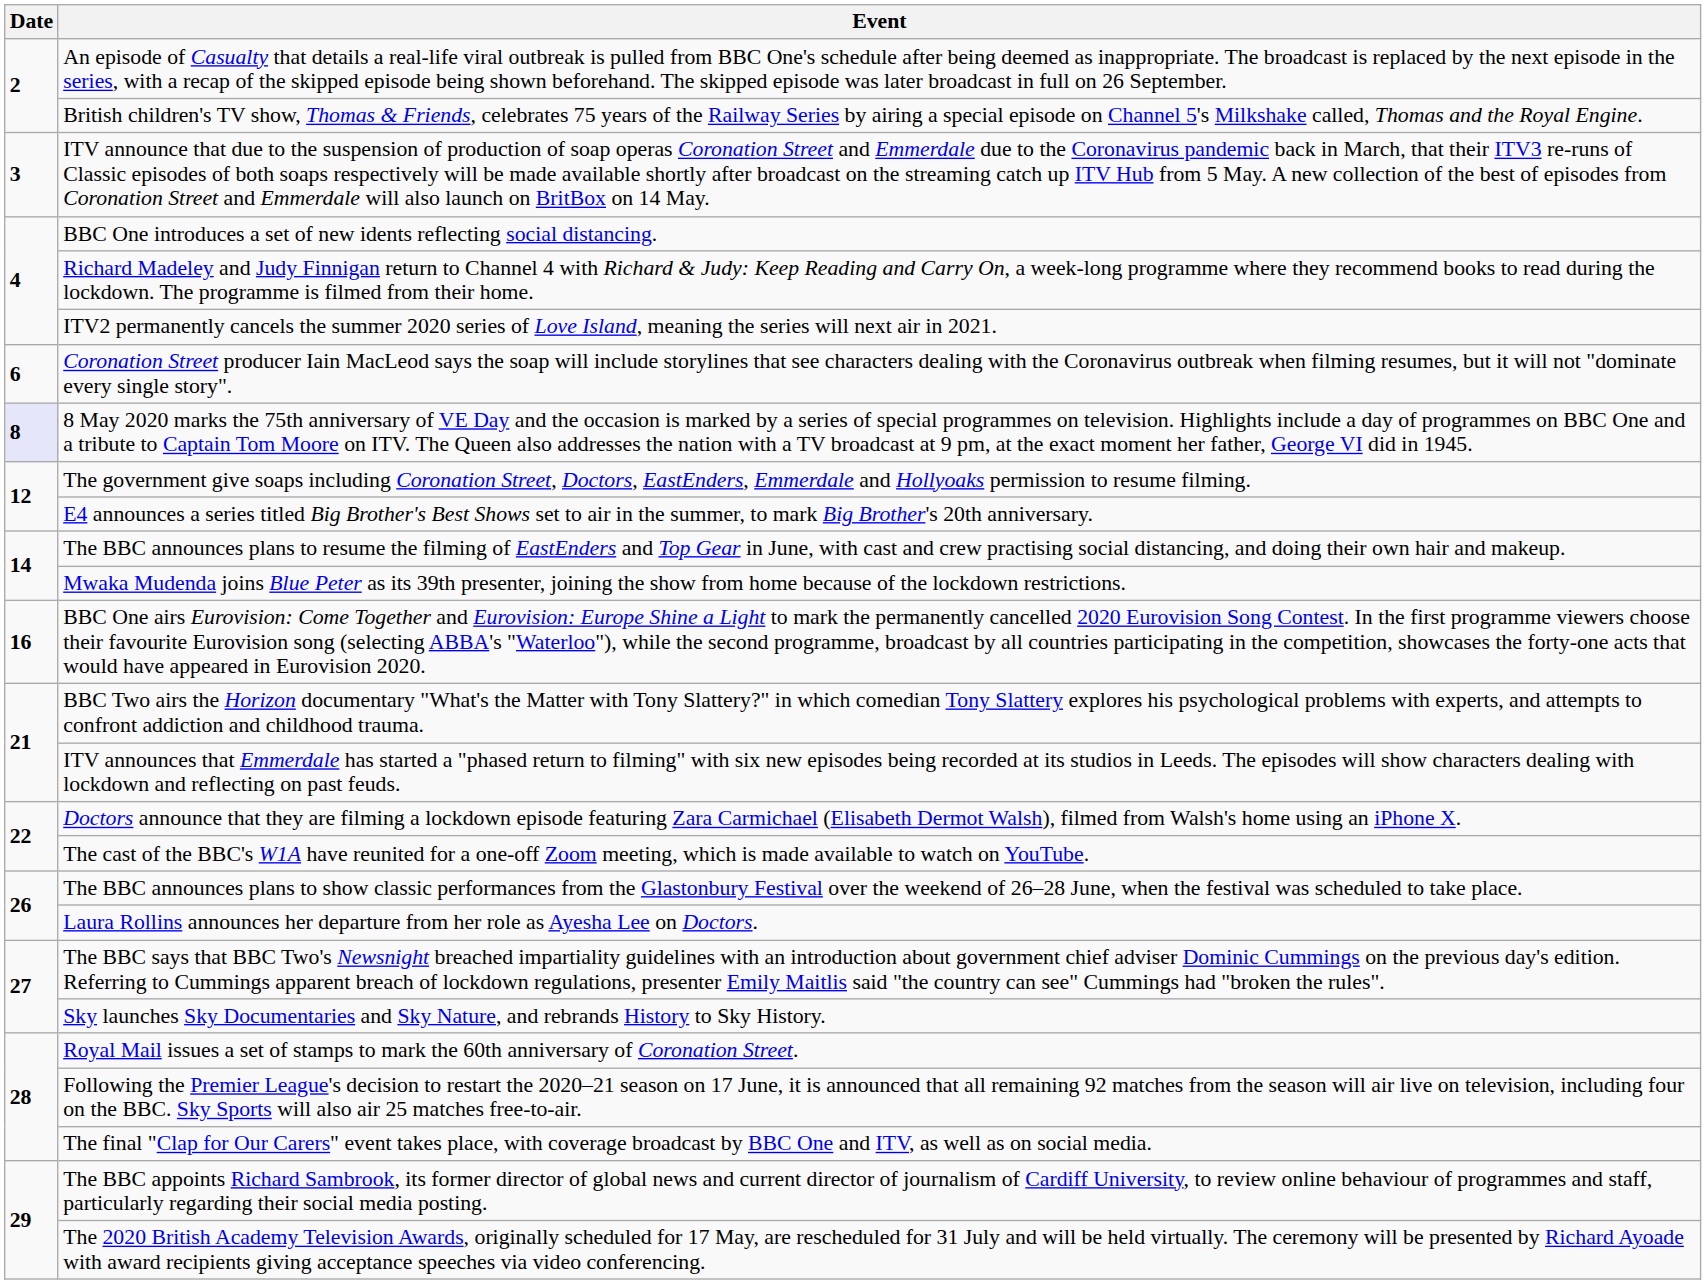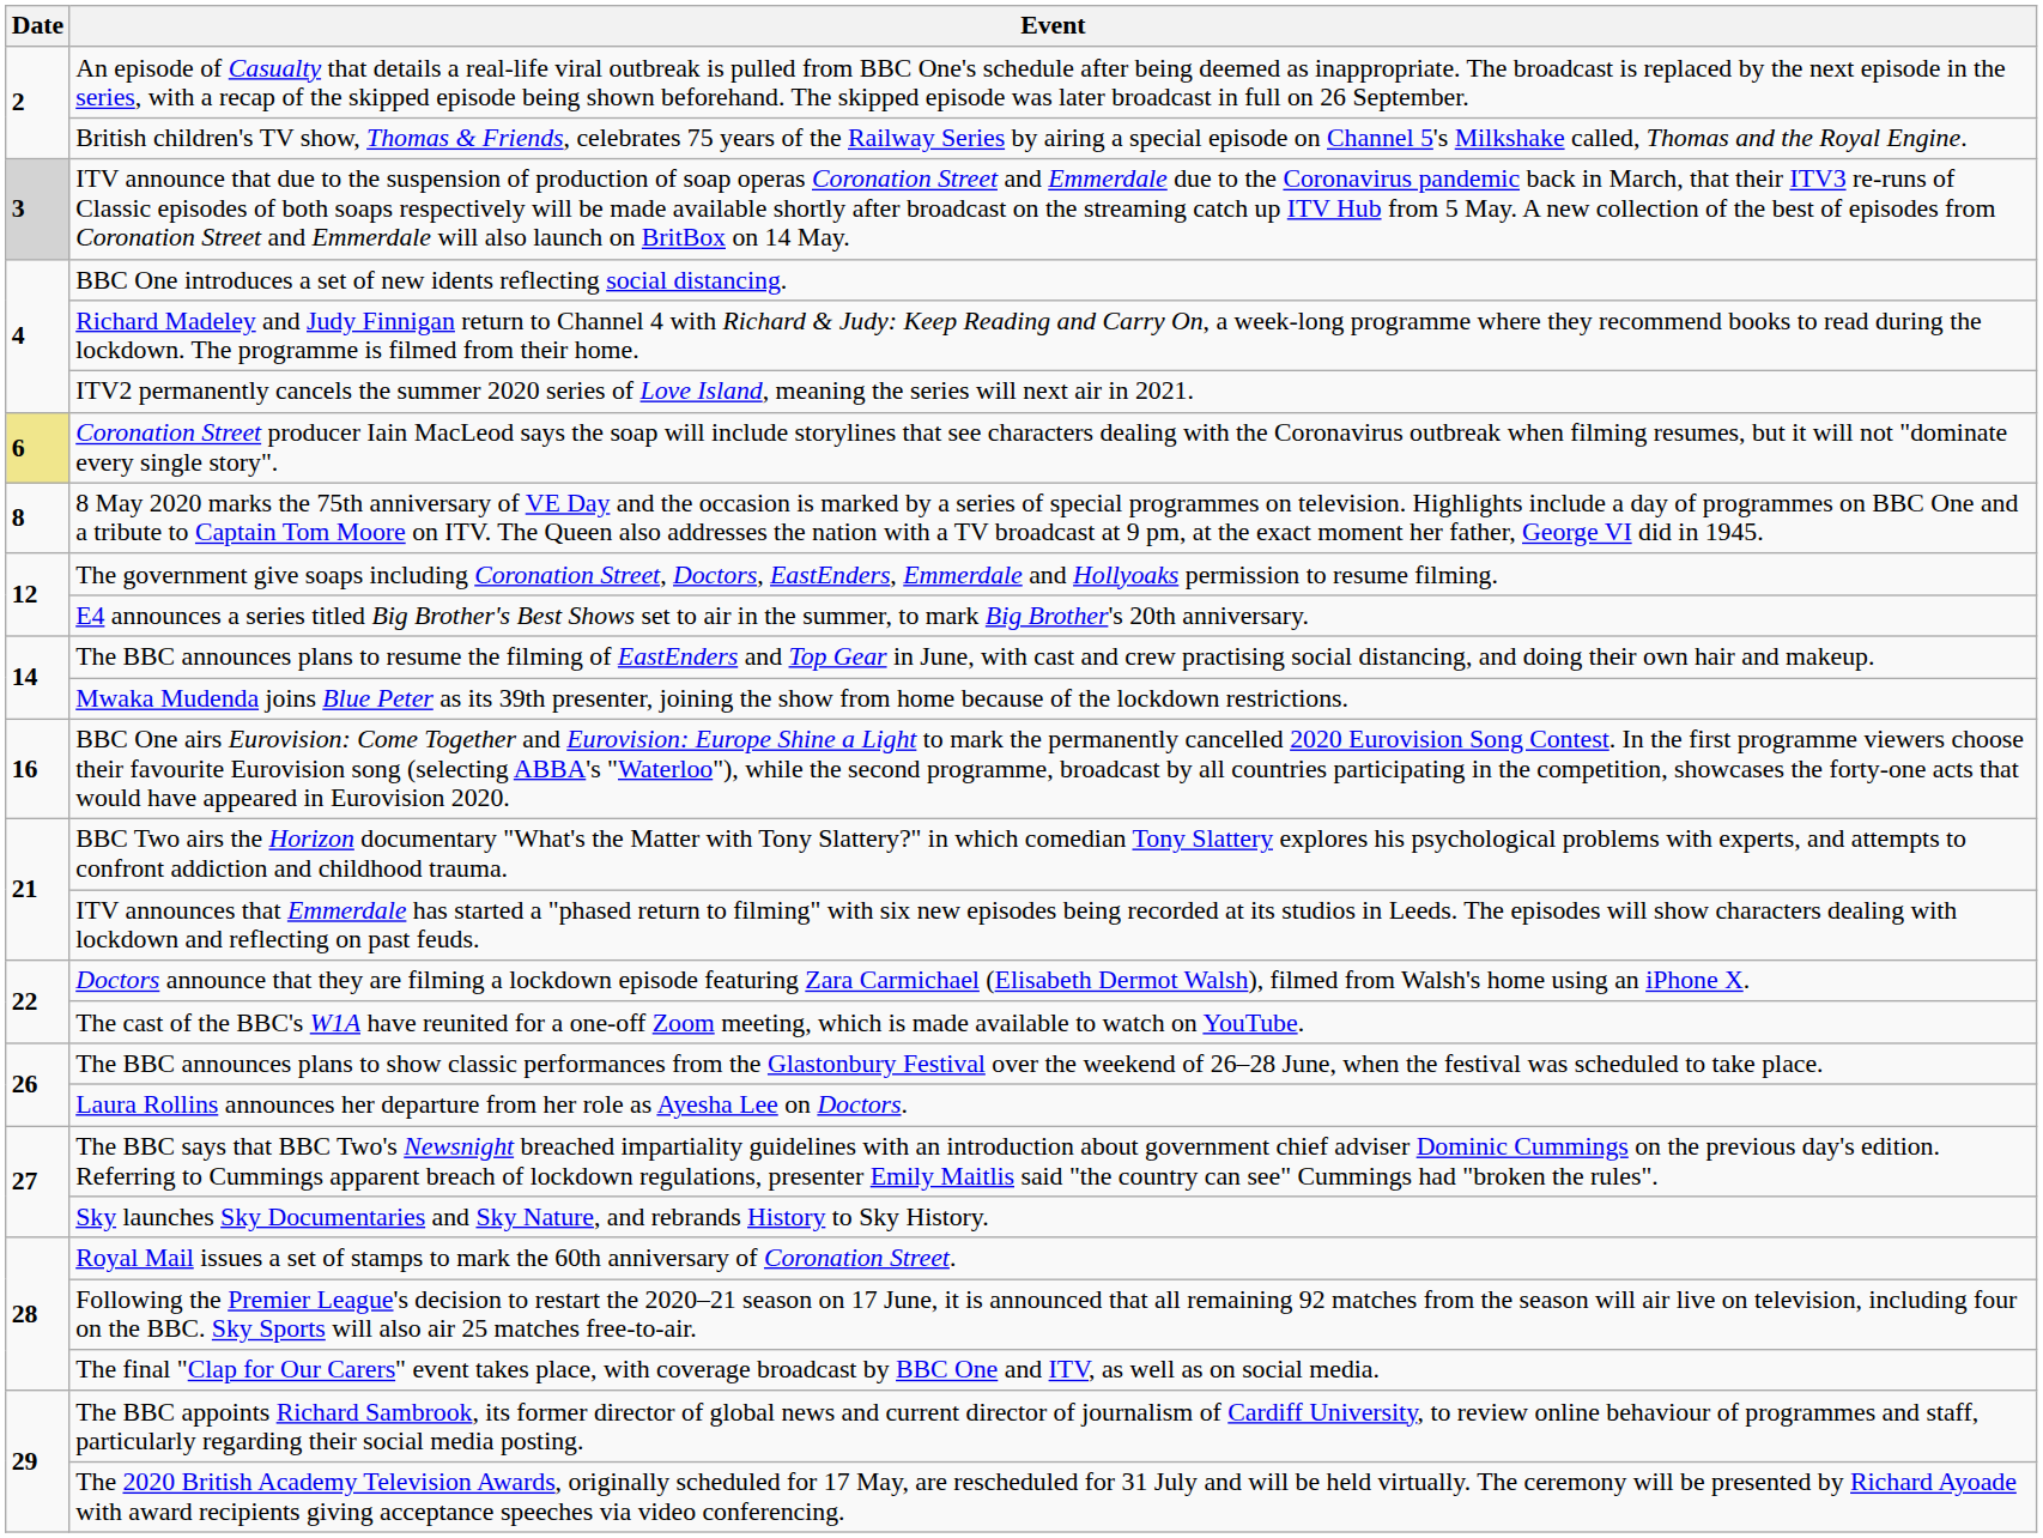 <table class="wikitable">
 <tr>
 <th>Date</th>
 <th>Event</th>
 </tr>
 <tr>
 <td rowspan="2"><strong>2</strong></td>
 <td>An episode of <em><a href='#'>Casualty</a></em> that details a real-life viral outbreak is pulled from BBC One's schedule after being deemed as inappropriate. The broadcast is replaced by the next episode in the <a href='#'>series</a>, with a recap of the skipped episode being shown beforehand. The skipped episode was later broadcast in full on 26 September.</td>
 </tr>
 <tr>
 <td>British children's TV show, <em><a href='#'>Thomas & Friends</a></em>, celebrates 75 years of the <a href='#'>Railway Series</a> by airing a special episode on <a href='#'>Channel 5</a>'s <a href='#'>Milkshake</a> called, <em>Thomas and the Royal Engine</em>.</td>
 </tr>
 <tr>
-<td><strong>3</strong></td>
+<td style="background: lightgrey;"><strong>3</strong></td>
 <td>ITV announce that due to the suspension of production of soap operas <em><a href='#'>Coronation Street</a></em> and <em><a href='#'>Emmerdale</a></em> due to the <a href='#'>Coronavirus pandemic</a> back in March, that their <a href='#'>ITV3</a> re-runs of Classic episodes of both soaps respectively will be made available shortly after broadcast on the streaming catch up <a href='#'>ITV Hub</a> from 5 May. A new collection of the best of episodes from <em>Coronation Street</em> and <em>Emmerdale</em> will also launch on <a href='#'>BritBox</a> on 14 May.</td>
 </tr>
 <tr>
 <td rowspan=3><strong>4</strong></td>
 <td>BBC One introduces a set of new idents reflecting <a href='#'>social distancing</a>.</td>
 </tr>
 <tr>
 <td><a href='#'>Richard Madeley</a> and <a href='#'>Judy Finnigan</a> return to Channel 4 with <em>Richard & Judy: Keep Reading and Carry On</em>, a week-long programme where they recommend books to read during the lockdown. The programme is filmed from their home.</td>
 </tr>
 <tr>
 <td>ITV2 permanently cancels the summer 2020 series of <em><a href='#'>Love Island</a></em>, meaning the series will next air in 2021.</td>
 </tr>
 <tr>
-<td><strong>6</strong></td>
+<td style="background: khaki;"><strong>6</strong></td>
 <td><em><a href='#'>Coronation Street</a></em> producer Iain MacLeod says the soap will include storylines that see characters dealing with the Coronavirus outbreak when filming resumes, but it will not "dominate every single story".</td>
 </tr>
 <tr>
-<td style="background: lavender;"><strong>8</strong></td>
+<td><strong>8</strong></td>
 <td>8 May 2020 marks the 75th anniversary of <a href='#'>VE Day</a> and the occasion is marked by a series of special programmes on television. Highlights include a day of programmes on BBC One and a tribute to <a href='#'>Captain Tom Moore</a> on ITV. The Queen also addresses the nation with a TV broadcast at 9 pm, at the exact moment her father, <a href='#'>George VI</a> did in 1945.</td>
 </tr>
 <tr>
 <td rowspan="2"><strong>12</strong></td>
 <td>The government give soaps including <em><a href='#'>Coronation Street</a></em>, <em><a href='#'>Doctors</a></em>, <em><a href='#'>EastEnders</a></em>, <em><a href='#'>Emmerdale</a></em> and <em><a href='#'>Hollyoaks</a></em> permission to resume filming.</td>
 </tr>
 <tr>
 <td><a href='#'>E4</a> announces a series titled <em>Big Brother's Best Shows</em> set to air in the summer, to mark <a href='#'><em>Big Brother</em></a>'s 20th anniversary.</td>
 </tr>
 <tr>
 <td rowspan="2"><strong>14</strong></td>
 <td>The BBC announces plans to resume the filming of <em><a href='#'>EastEnders</a></em> and <em><a href='#'>Top Gear</a></em> in June, with cast and crew practising social distancing, and doing their own hair and makeup.</td>
 </tr>
 <tr>
 <td><a href='#'>Mwaka Mudenda</a> joins <em><a href='#'>Blue Peter</a></em> as its 39th presenter, joining the show from home because of the lockdown restrictions.</td>
 </tr>
 <tr>
 <td><strong>16</strong></td>
 <td>BBC One airs <em>Eurovision: Come Together</em> and <em><a href='#'>Eurovision: Europe Shine a Light</a></em> to mark the permanently cancelled <a href='#'>2020 Eurovision Song Contest</a>. In the first programme viewers choose their favourite Eurovision song (selecting <a href='#'>ABBA</a>'s "<a href='#'>Waterloo</a>"), while the second programme, broadcast by all countries participating in the competition, showcases the forty-one acts that would have appeared in Eurovision 2020.</td>
 </tr>
 <tr>
 <td rowspan=2><strong>21</strong></td>
 <td>BBC Two airs the <em><a href='#'>Horizon</a></em> documentary "What's the Matter with Tony Slattery?" in which comedian <a href='#'>Tony Slattery</a> explores his psychological problems with experts, and attempts to confront addiction and childhood trauma.</td>
 </tr>
 <tr>
 <td>ITV announces that <em><a href='#'>Emmerdale</a></em> has started a "phased return to filming" with six new episodes being recorded at its studios in Leeds. The episodes will show characters dealing with lockdown and reflecting on past feuds.</td>
 </tr>
 <tr>
 <td rowspan=2><strong>22</strong></td>
 <td><em><a href='#'>Doctors</a></em> announce that they are filming a lockdown episode featuring <a href='#'>Zara Carmichael</a> (<a href='#'>Elisabeth Dermot Walsh</a>), filmed from Walsh's home using an <a href='#'>iPhone X</a>.</td>
 </tr>
 <tr>
 <td>The cast of the BBC's <em><a href='#'>W1A</a></em> have reunited for a one-off <a href='#'>Zoom</a> meeting, which is made available to watch on <a href='#'>YouTube</a>.</td>
 </tr>
 <tr>
 <td rowspan=2><strong>26</strong></td>
 <td>The BBC announces plans to show classic performances from the <a href='#'>Glastonbury Festival</a> over the weekend of 26–28 June, when the festival was scheduled to take place.</td>
 </tr>
 <tr>
 <td><a href='#'>Laura Rollins</a> announces her departure from her role as <a href='#'>Ayesha Lee</a> on <em><a href='#'>Doctors</a></em>.</td>
 </tr>
 <tr>
 <td rowspan=2><strong>27</strong></td>
 <td>The BBC says that BBC Two's <em><a href='#'>Newsnight</a></em> breached impartiality guidelines with an introduction about government chief adviser <a href='#'>Dominic Cummings</a> on the previous day's edition. Referring to Cummings apparent breach of lockdown regulations, presenter <a href='#'>Emily Maitlis</a> said "the country can see" Cummings had "broken the rules".</td>
 </tr>
 <tr>
 <td><a href='#'>Sky</a> launches <a href='#'>Sky Documentaries</a> and <a href='#'>Sky Nature</a>, and rebrands <a href='#'>History</a> to Sky History.</td>
 </tr>
 <tr>
 <td rowspan=3><strong>28</strong></td>
 <td><a href='#'>Royal Mail</a> issues a set of stamps to mark the 60th anniversary of <em><a href='#'>Coronation Street</a></em>.</td>
 </tr>
 <tr>
 <td>Following the <a href='#'>Premier League</a>'s decision to restart the 2020–21 season on 17 June, it is announced that all remaining 92 matches from the season will air live on television, including four on the BBC. <a href='#'>Sky Sports</a> will also air 25 matches free-to-air.</td>
 </tr>
 <tr>
 <td>The final "<a href='#'>Clap for Our Carers</a>" event takes place, with coverage broadcast by <a href='#'>BBC One</a> and <a href='#'>ITV</a>, as well as on social media.</td>
 </tr>
 <tr>
 <td rowspan=2><strong>29</strong></td>
 <td>The BBC appoints <a href='#'>Richard Sambrook</a>, its former director of global news and current director of journalism of <a href='#'>Cardiff University</a>, to review online behaviour of programmes and staff, particularly regarding their social media posting.</td>
 </tr>
 <tr>
 <td>The <a href='#'>2020 British Academy Television Awards</a>, originally scheduled for 17 May, are rescheduled for 31 July and will be held virtually. The ceremony will be presented by <a href='#'>Richard Ayoade</a> with award recipients giving acceptance speeches via video conferencing.</td>
 </tr>
 </table>
